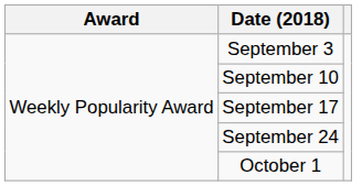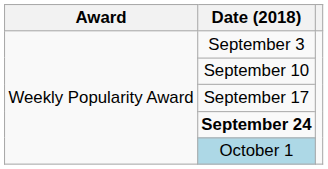 <table class="wikitable" style="text-align:center">
 <tr>
 <th>Award</th>
 <th>Date (2018)</th>
 <th class="unsortable"></th>
 </tr>
 <tr>
 <td rowspan=5>Weekly Popularity Award</td>
 <td>September 3</td>
 <td rowspan=5></td>
 </tr>
 <tr>
 <td>September 10</td>
 </tr>
 <tr>
 <td>September 17</td>
 </tr>
 <tr>
-<td>September 24</td>
+<td><strong>September 24</strong></td>
 </tr>
 <tr>
-<td>October 1</td>
+<td style="background: lightblue;">October 1</td>
 </tr>
 </table>
